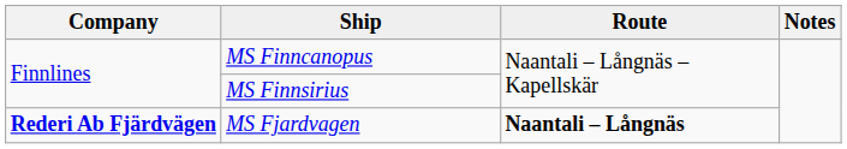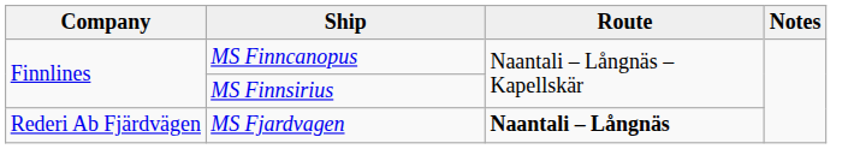 <table class="wikitable">
 <tr>
 <th>Company</th>
 <th style="background: #efefef; border-bottom: 1px;width:200px;">Ship</th>
 <th style="background: #efefef; border-bottom: 1px;width:200px;">Route</th>
 <th>Notes</th>
 </tr>
 <tr>
 <td rowspan="2"> <a href='#'>Finnlines</a></td>
 <td rowspan="1"><em><a href='#'>MS Finncanopus</a></em></td>
 <td rowspan="2">Naantali – Långnäs – Kapellskär</td>
 </tr>
 <tr>
 <td rowspan="1"><em><a href='#'>MS Finnsirius</a></em></td>
 </tr>
 <tr>
-<td rowspan="1"><strong> <a href='#'>Rederi Ab Fjärdvägen</a></strong></td>
+<td rowspan="1"> <a href='#'>Rederi Ab Fjärdvägen</a></td>
 <td rowspan="1"><em><a href='#'>MS Fjardvagen</a></em></td>
 <td rowspan="1"><strong>Naantali – Långnäs</strong></td>
 </tr>
 </table>
